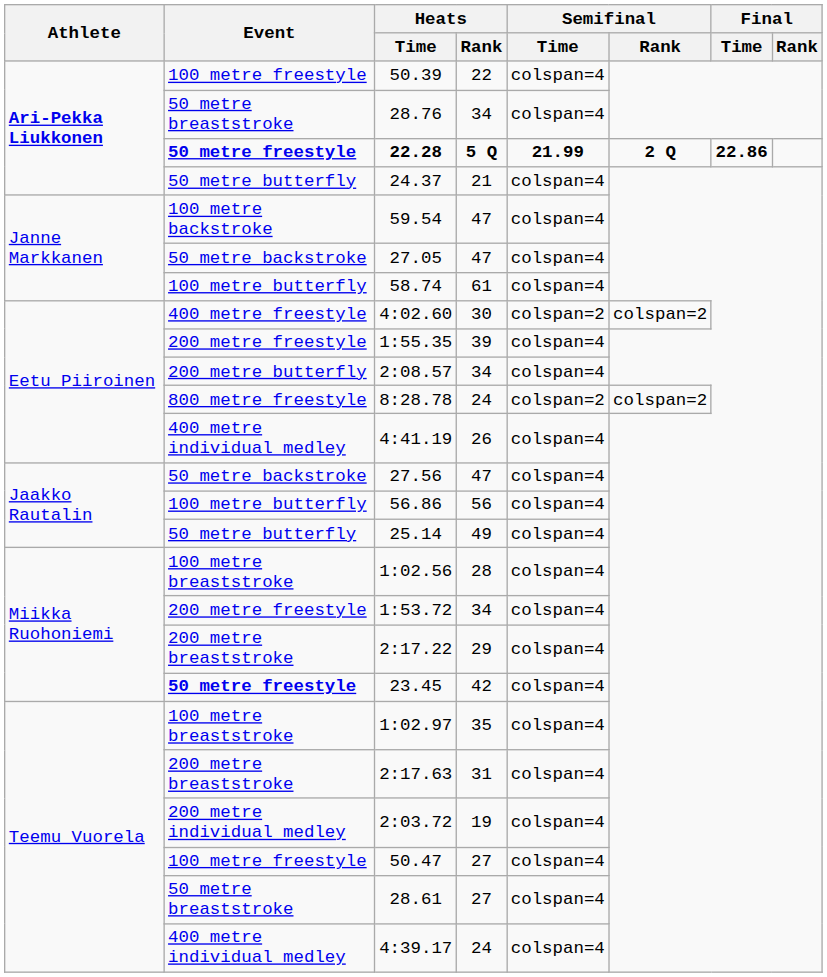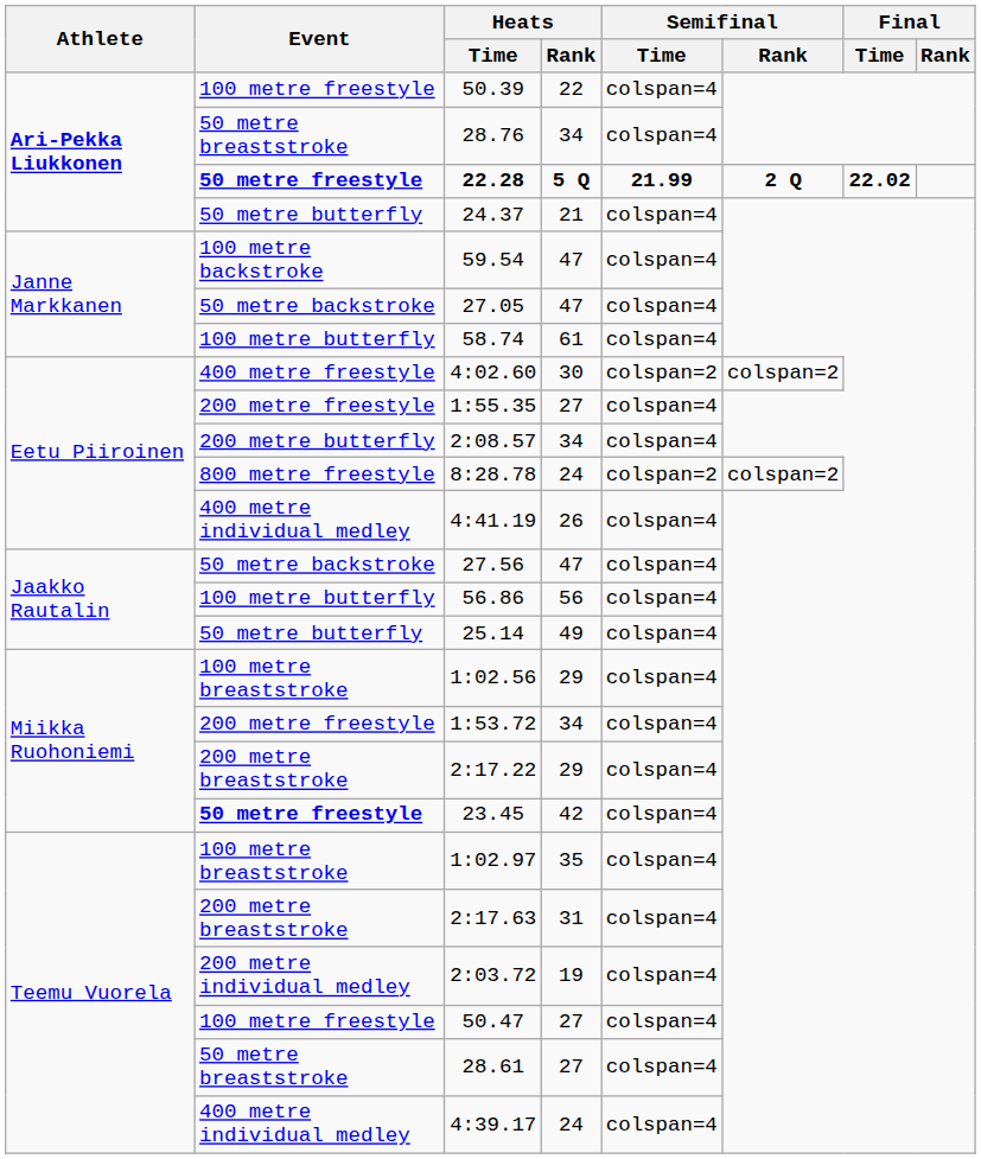 <table class="wikitable">
 <tr>
 <th rowspan="2">Athlete</th>
 <th rowspan="2">Event</th>
 <th colspan="2">Heats</th>
 <th colspan="2">Semifinal</th>
 <th colspan="2">Final</th>
 </tr>
 <tr>
 <th>Time</th>
 <th>Rank</th>
 <th>Time</th>
 <th>Rank</th>
 <th>Time</th>
 <th>Rank</th>
 </tr>
 <tr style=text-align:center>
 <td style=text-align:left rowspan=4><strong><a href='#'>Ari-Pekka Liukkonen</a></strong></td>
 <td style=text-align:left><a href='#'>100 metre freestyle</a></td>
 <td>50.39</td>
 <td>22</td>
 <td>colspan=4 </td>
 </tr>
 <tr style=text-align:center>
 <td style=text-align:left><a href='#'>50 metre breaststroke</a></td>
 <td>28.76</td>
 <td>34</td>
 <td>colspan=4 </td>
 </tr>
 <tr style=text-align:center>
 <td style=text-align:left><a href='#'><strong>50 metre freestyle</strong></a></td>
 <td><strong>22.28</strong></td>
 <td><strong>5 Q</strong></td>
 <td><strong>21.99</strong></td>
 <td><strong>2 Q</strong></td>
-<td><strong>22.86</strong></td>
+<td><strong>22.02</strong></td>
 <td></td>
 </tr>
 <tr style=text-align:center>
 <td style=text-align:left><a href='#'>50 metre butterfly</a></td>
 <td>24.37</td>
 <td>21</td>
 <td>colspan=4 </td>
 </tr>
 <tr style=text-align:center>
 <td style=text-align:left rowspan=3><a href='#'>Janne Markkanen</a></td>
 <td style=text-align:left><a href='#'>100 metre backstroke</a></td>
 <td>59.54</td>
 <td>47</td>
 <td>colspan=4 </td>
 </tr>
 <tr style=text-align:center>
 <td style=text-align:left><a href='#'>50 metre backstroke</a></td>
 <td>27.05</td>
 <td>47</td>
 <td>colspan=4 </td>
 </tr>
 <tr style=text-align:center>
 <td style=text-align:left><a href='#'>100 metre butterfly</a></td>
 <td>58.74</td>
 <td>61</td>
 <td>colspan=4 </td>
 </tr>
 <tr style=text-align:center>
 <td style=text-align:left rowspan=5><a href='#'>Eetu Piiroinen</a></td>
 <td style=text-align:left><a href='#'>400 metre freestyle</a></td>
 <td>4:02.60</td>
 <td>30</td>
 <td>colspan=2 </td>
 <td>colspan=2 </td>
 </tr>
 <tr style=text-align:center>
 <td style=text-align:left><a href='#'>200 metre freestyle</a></td>
 <td>1:55.35</td>
-<td>39</td>
+<td>27</td>
 <td>colspan=4 </td>
 </tr>
 <tr style=text-align:center>
 <td style=text-align:left><a href='#'>200 metre butterfly</a></td>
 <td>2:08.57</td>
 <td>34</td>
 <td>colspan=4 </td>
 </tr>
 <tr style=text-align:center>
 <td style=text-align:left><a href='#'>800 metre freestyle</a></td>
 <td>8:28.78</td>
 <td>24</td>
 <td>colspan=2 </td>
 <td>colspan=2 </td>
 </tr>
 <tr style=text-align:center>
 <td style=text-align:left><a href='#'>400 metre individual medley</a></td>
 <td>4:41.19</td>
 <td>26</td>
 <td>colspan=4 </td>
 </tr>
 <tr style=text-align:center>
 <td style=text-align:left rowspan=3><a href='#'>Jaakko Rautalin</a></td>
 <td style=text-align:left><a href='#'>50 metre backstroke</a></td>
 <td>27.56</td>
 <td>47</td>
 <td>colspan=4 </td>
 </tr>
 <tr style=text-align:center>
 <td style=text-align:left><a href='#'>100 metre butterfly</a></td>
 <td>56.86</td>
 <td>56</td>
 <td>colspan=4 </td>
 </tr>
 <tr style=text-align:center>
 <td style=text-align:left><a href='#'>50 metre butterfly</a></td>
 <td>25.14</td>
 <td>49</td>
 <td>colspan=4 </td>
 </tr>
 <tr style=text-align:center>
 <td style=text-align:left rowspan=4><a href='#'>Miikka Ruohoniemi</a></td>
 <td style=text-align:left><a href='#'>100 metre breaststroke</a></td>
 <td>1:02.56</td>
-<td>28</td>
+<td>29</td>
 <td>colspan=4 </td>
 </tr>
 <tr style=text-align:center>
 <td style=text-align:left><a href='#'>200 metre freestyle</a></td>
 <td>1:53.72</td>
 <td>34</td>
 <td>colspan=4 </td>
 </tr>
 <tr style=text-align:center>
 <td style=text-align:left><a href='#'>200 metre breaststroke</a></td>
 <td>2:17.22</td>
 <td>29</td>
 <td>colspan=4 </td>
 </tr>
 <tr style=text-align:center>
 <td style=text-align:left><strong><a href='#'>50 metre freestyle</a></strong></td>
 <td>23.45</td>
 <td>42</td>
 <td>colspan=4 </td>
 </tr>
 <tr style=text-align:center>
 <td style=text-align:left rowspan=6><a href='#'>Teemu Vuorela</a></td>
 <td style=text-align:left><a href='#'>100 metre breaststroke</a></td>
 <td>1:02.97</td>
 <td>35</td>
 <td>colspan=4 </td>
 </tr>
 <tr style=text-align:center>
 <td style=text-align:left><a href='#'>200 metre breaststroke</a></td>
 <td>2:17.63</td>
 <td>31</td>
 <td>colspan=4 </td>
 </tr>
 <tr style=text-align:center>
 <td style=text-align:left><a href='#'>200 metre individual medley</a></td>
 <td>2:03.72</td>
 <td>19</td>
 <td>colspan=4 </td>
 </tr>
 <tr style=text-align:center>
 <td style=text-align:left><a href='#'>100 metre freestyle</a></td>
 <td>50.47</td>
 <td>27</td>
 <td>colspan=4 </td>
 </tr>
 <tr style=text-align:center>
 <td style=text-align:left><a href='#'>50 metre breaststroke</a></td>
 <td>28.61</td>
 <td>27</td>
 <td>colspan=4 </td>
 </tr>
 <tr style=text-align:center>
 <td style=text-align:left><a href='#'>400 metre individual medley</a></td>
 <td>4:39.17</td>
 <td>24</td>
 <td>colspan=4 </td>
 </tr>
 </table>
